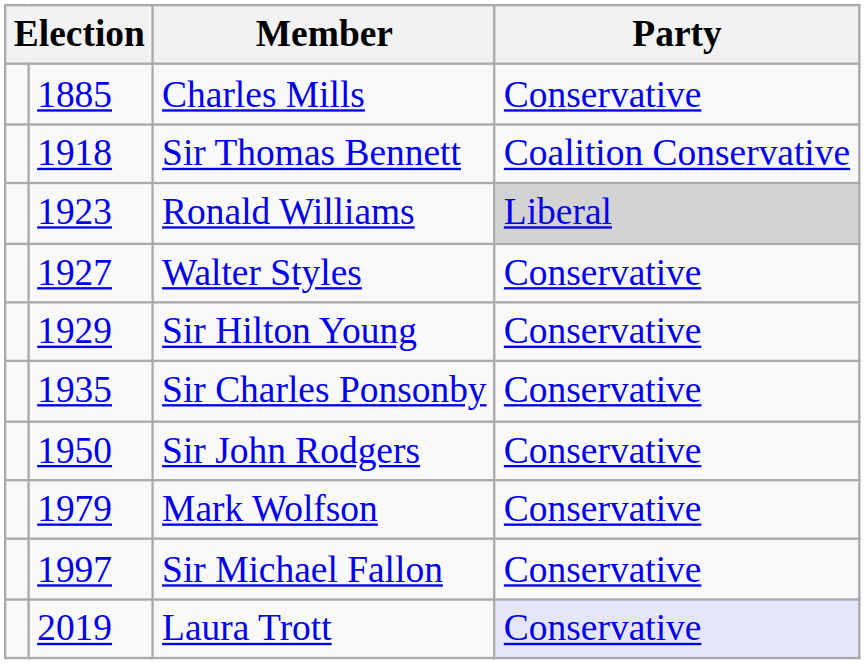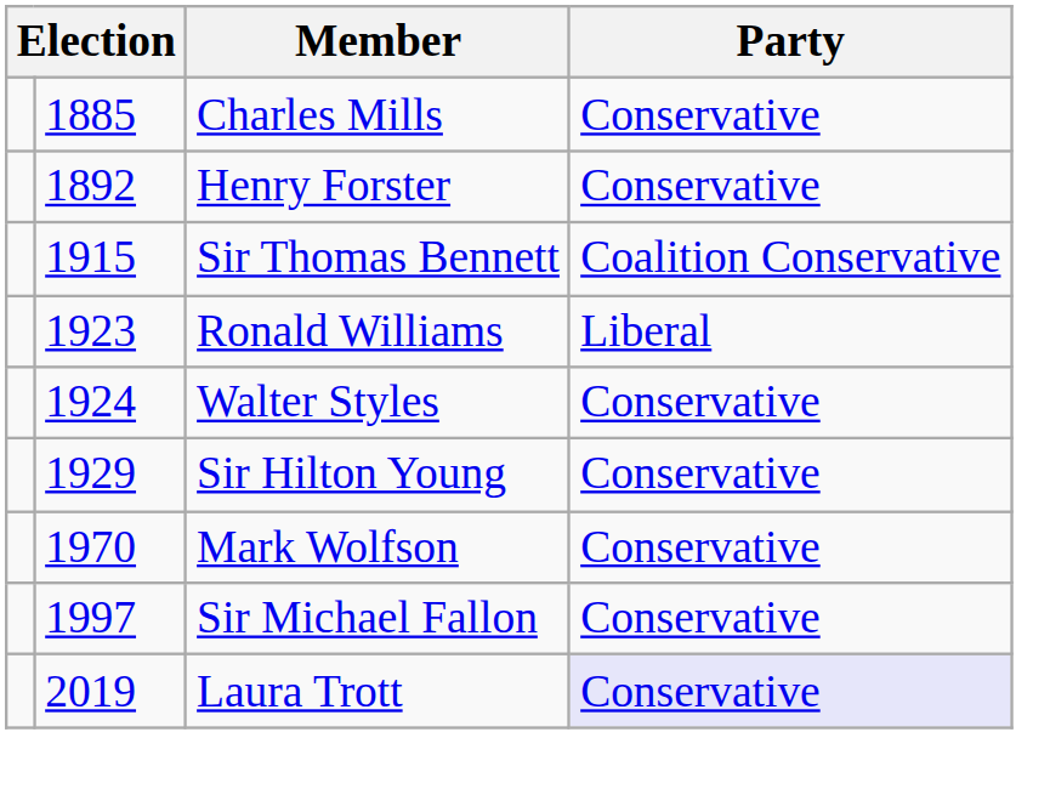 <table class="wikitable">
 <tr>
 <th colspan="2">Election</th>
 <th>Member</th>
 <th>Party</th>
 </tr>
 <tr>
 <td style="color:inherit;background-color: "></td>
 <td><a href='#'>1885</a></td>
 <td><a href='#'>Charles Mills</a></td>
 <td><a href='#'>Conservative</a></td>
 </tr>
 <tr>
 <td style="color:inherit;background-color: "></td>
-<td><a href='#'>1918</a></td>
+<td><a href='#'>1892</a></td>
+<td><a href='#'>Henry Forster</a></td>
+<td><a href='#'>Conservative</a></td>
+</tr>
+<tr>
+<td style="color:inherit;background-color: "></td>
+<td><a href='#'>1915</a></td>
 <td><a href='#'>Sir Thomas Bennett</a></td>
 <td><a href='#'>Coalition Conservative</a></td>
 </tr>
 <tr>
 <td style="color:inherit;background-color: "></td>
 <td><a href='#'>1923</a></td>
 <td><a href='#'>Ronald Williams</a></td>
-<td style="background: lightgrey;"><a href='#'>Liberal</a></td>
+<td><a href='#'>Liberal</a></td>
 </tr>
 <tr>
 <td style="color:inherit;background-color: "></td>
-<td><a href='#'>1927</a></td>
+<td><a href='#'>1924</a></td>
 <td><a href='#'>Walter Styles</a></td>
 <td><a href='#'>Conservative</a></td>
 </tr>
 <tr>
 <td style="color:inherit;background-color: "></td>
 <td><a href='#'>1929</a></td>
 <td><a href='#'>Sir Hilton Young</a></td>
 <td><a href='#'>Conservative</a></td>
 </tr>
 <tr>
 <td style="color:inherit;background-color: "></td>
-<td><a href='#'>1935</a></td>
-<td><a href='#'>Sir Charles Ponsonby</a></td>
-<td><a href='#'>Conservative</a></td>
-</tr>
-<tr>
-<td style="color:inherit;background-color: "></td>
-<td><a href='#'>1950</a></td>
-<td><a href='#'>Sir John Rodgers</a></td>
-<td><a href='#'>Conservative</a></td>
-</tr>
-<tr>
-<td style="color:inherit;background-color: "></td>
-<td><a href='#'>1979</a></td>
+<td><a href='#'>1970</a></td>
 <td><a href='#'>Mark Wolfson</a></td>
 <td><a href='#'>Conservative</a></td>
 </tr>
 <tr>
 <td style="color:inherit;background-color: "></td>
 <td><a href='#'>1997</a></td>
 <td><a href='#'>Sir Michael Fallon</a></td>
 <td><a href='#'>Conservative</a></td>
 </tr>
 <tr>
 <td style="color:inherit;background-color: "></td>
 <td><a href='#'>2019</a></td>
 <td><a href='#'>Laura Trott</a></td>
 <td style="background: lavender;"><a href='#'>Conservative</a></td>
 </tr>
 </table>
